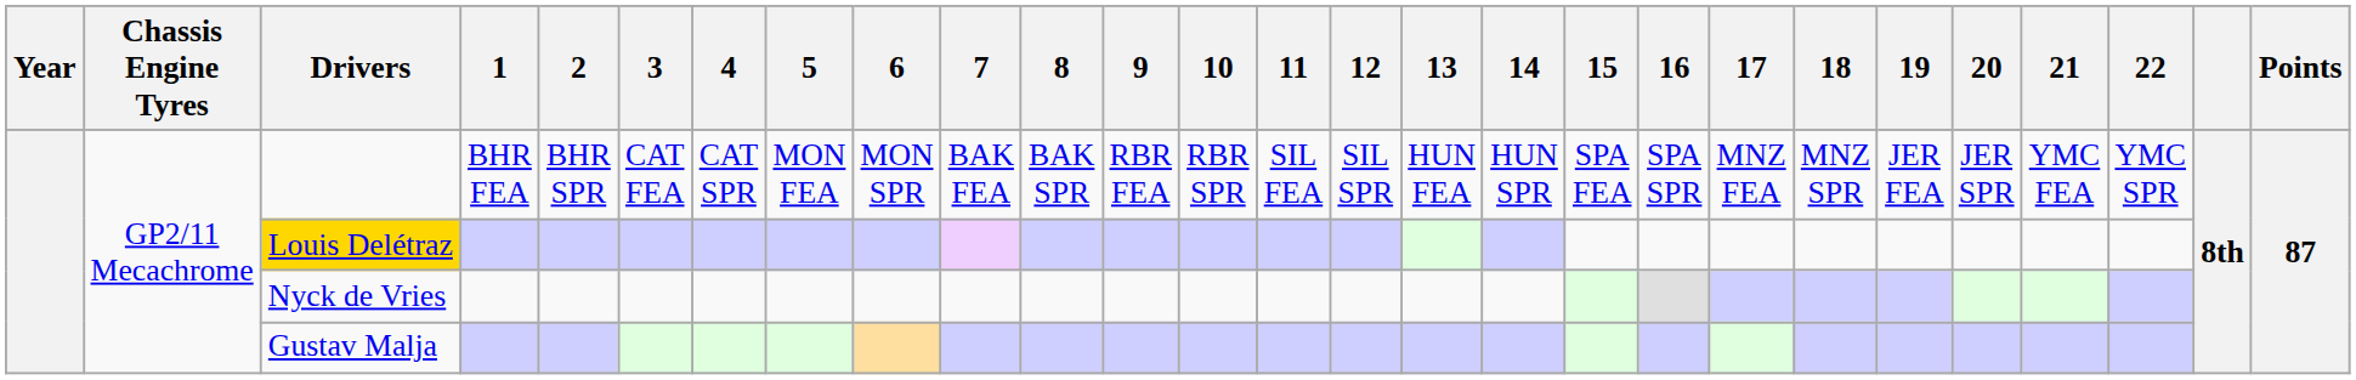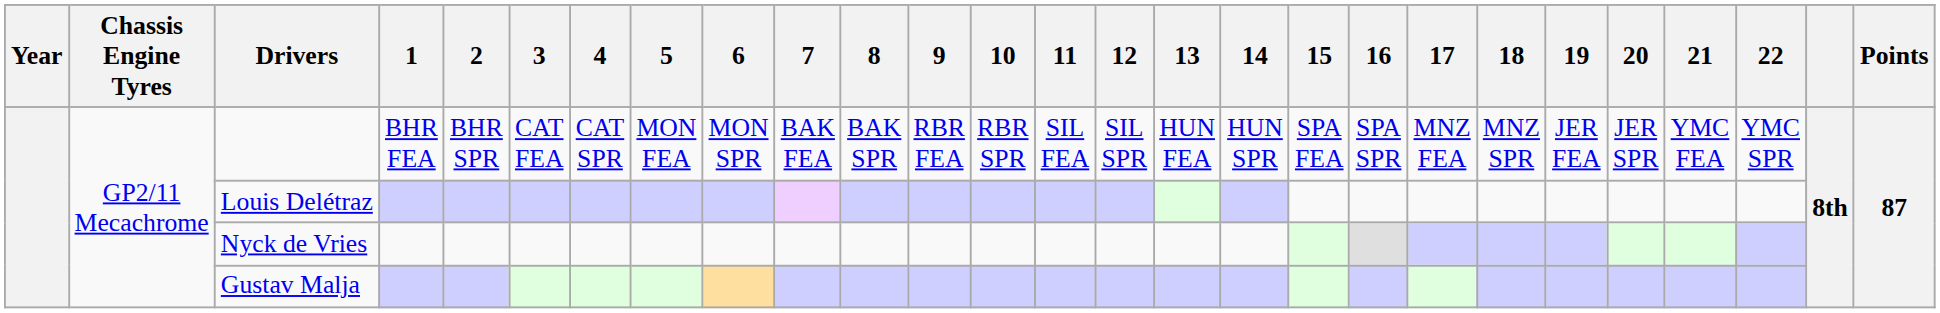 <table class="wikitable" style="text-align:center; font-size:85%;">
 <tr>
 <th>Year</th>
 <th>Chassis<br>Engine<br>Tyres</th>
 <th>Drivers</th>
 <th>1</th>
 <th>2</th>
 <th>3</th>
 <th>4</th>
 <th>5</th>
 <th>6</th>
 <th>7</th>
 <th>8</th>
 <th>9</th>
 <th>10</th>
 <th>11</th>
 <th>12</th>
 <th>13</th>
 <th>14</th>
 <th>15</th>
 <th>16</th>
 <th>17</th>
 <th>18</th>
 <th>19</th>
 <th>20</th>
 <th>21</th>
 <th>22</th>
 <th></th>
 <th>Points</th>
 </tr>
 <tr>
 <th rowspan=4></th>
 <td rowspan=4><a href='#'>GP2/11</a><br><a href='#'>Mecachrome</a><br></td>
 <td></td>
 <td><a href='#'>BHR<br>FEA</a></td>
 <td><a href='#'>BHR<br>SPR</a></td>
 <td><a href='#'>CAT<br>FEA</a></td>
 <td><a href='#'>CAT<br>SPR</a></td>
 <td><a href='#'>MON<br>FEA</a></td>
 <td><a href='#'>MON<br>SPR</a></td>
 <td><a href='#'>BAK<br>FEA</a></td>
 <td><a href='#'>BAK<br>SPR</a></td>
 <td><a href='#'>RBR<br>FEA</a></td>
 <td><a href='#'>RBR<br>SPR</a></td>
 <td><a href='#'>SIL<br>FEA</a></td>
 <td><a href='#'>SIL<br>SPR</a></td>
 <td><a href='#'>HUN<br>FEA</a></td>
 <td><a href='#'>HUN<br>SPR</a></td>
 <td><a href='#'>SPA<br>FEA</a></td>
 <td><a href='#'>SPA<br>SPR</a></td>
 <td><a href='#'>MNZ<br>FEA</a></td>
 <td><a href='#'>MNZ<br>SPR</a></td>
 <td><a href='#'>JER<br>FEA</a></td>
 <td><a href='#'>JER<br>SPR</a></td>
 <td><a href='#'>YMC<br>FEA</a></td>
 <td><a href='#'>YMC<br>SPR</a></td>
 <th rowspan=4>8th</th>
 <th rowspan=4>87</th>
 </tr>
 <tr>
-<td align=left style="background: gold;"> <a href='#'>Louis Delétraz</a></td>
+<td align=left> <a href='#'>Louis Delétraz</a></td>
 <td style="background:#CFCFFF;"></td>
 <td style="background:#CFCFFF;"></td>
 <td style="background:#CFCFFF;"></td>
 <td style="background:#CFCFFF;"></td>
 <td style="background:#CFCFFF;"></td>
 <td style="background:#CFCFFF;"></td>
 <td style="background:#EFCFFF;"></td>
 <td style="background:#CFCFFF;"></td>
 <td style="background:#CFCFFF;"></td>
 <td style="background:#CFCFFF;"></td>
 <td style="background:#CFCFFF;"></td>
 <td style="background:#CFCFFF;"></td>
 <td style="background:#DFFFDF;"></td>
 <td style="background:#CFCFFF;"></td>
 <td></td>
 <td></td>
 <td></td>
 <td></td>
 <td></td>
 <td></td>
 <td></td>
 <td></td>
 </tr>
 <tr>
 <td align=left> <a href='#'>Nyck de Vries</a></td>
 <td></td>
 <td></td>
 <td></td>
 <td></td>
 <td></td>
 <td></td>
 <td></td>
 <td></td>
 <td></td>
 <td></td>
 <td></td>
 <td></td>
 <td></td>
 <td></td>
 <td style="background:#DFFFDF;"></td>
 <td style="background:#DFDFDF;"></td>
 <td style="background:#CFCFFF;"></td>
 <td style="background:#CFCFFF;"></td>
 <td style="background:#CFCFFF;"></td>
 <td style="background:#DFFFDF;"></td>
 <td style="background:#DFFFDF;"></td>
 <td style="background:#CFCFFF;"></td>
 </tr>
 <tr>
 <td align=left> <a href='#'>Gustav Malja</a></td>
 <td style="background:#CFCFFF;"></td>
 <td style="background:#CFCFFF;"></td>
 <td style="background:#DFFFDF;"></td>
 <td style="background:#DFFFDF;"></td>
 <td style="background:#DFFFDF;"></td>
 <td style="background:#FFDF9F;"></td>
 <td style="background:#CFCFFF;"></td>
 <td style="background:#CFCFFF;"></td>
 <td style="background:#CFCFFF;"></td>
 <td style="background:#CFCFFF;"></td>
 <td style="background:#CFCFFF;"></td>
 <td style="background:#CFCFFF;"></td>
 <td style="background:#CFCFFF;"></td>
 <td style="background:#CFCFFF;"></td>
 <td style="background:#DFFFDF;"></td>
 <td style="background:#CFCFFF;"></td>
 <td style="background:#DFFFDF;"></td>
 <td style="background:#CFCFFF;"></td>
 <td style="background:#CFCFFF;"></td>
 <td style="background:#CFCFFF;"></td>
 <td style="background:#CFCFFF;"></td>
 <td style="background:#CFCFFF;"></td>
 </tr>
 </table>
